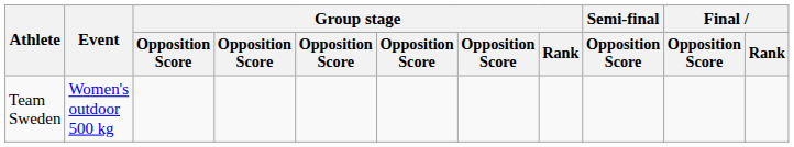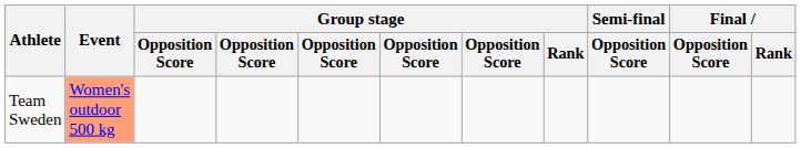 <table class="wikitable" style="font-size:90%">
 <tr>
 <th rowspan=2>Athlete</th>
 <th rowspan=2>Event</th>
 <th colspan=6>Group stage</th>
 <th>Semi-final</th>
 <th colspan=2>Final / </th>
 </tr>
 <tr style="font-size:95%">
 <th>Opposition<br>Score</th>
 <th>Opposition<br>Score</th>
 <th>Opposition<br>Score</th>
 <th>Opposition<br>Score</th>
 <th>Opposition<br>Score</th>
 <th>Rank</th>
 <th>Opposition<br>Score</th>
 <th>Opposition<br>Score</th>
 <th>Rank</th>
 </tr>
 <tr align=center>
 <td align=left>Team Sweden</td>
-<td align=left><a href='#'>Women's outdoor 500 kg</a></td>
+<td align=left style="background: lightsalmon;"><a href='#'>Women's outdoor 500 kg</a></td>
 <td></td>
 <td></td>
 <td></td>
 <td></td>
 <td></td>
 <td></td>
 <td></td>
 <td></td>
 <td></td>
 </tr>
 </table>
